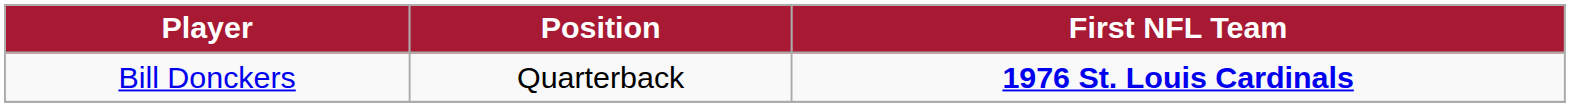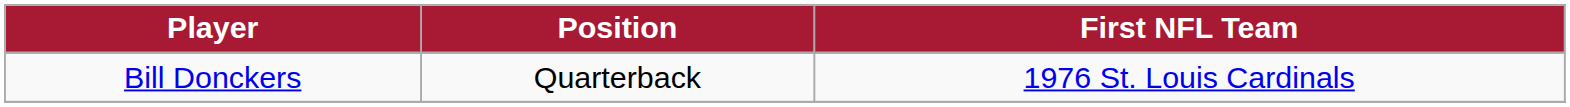 <table class="wikitable" width="65%">
 <tr>
 <th style="background:#A81933;color:#FFFFFF;">Player</th>
 <th style="background:#A81933;color:#FFFFFF;">Position</th>
 <th style="background:#A81933;color:#FFFFFF;">First NFL Team</th>
 </tr>
 <tr align="center" bgcolor="">
 <td><a href='#'>Bill Donckers</a></td>
 <td>Quarterback</td>
-<td><strong><a href='#'>1976 St. Louis Cardinals</a></strong></td>
+<td><a href='#'>1976 St. Louis Cardinals</a></td>
 </tr>
 <tr align="center" bgcolor="">
 </tr>
 </table>
